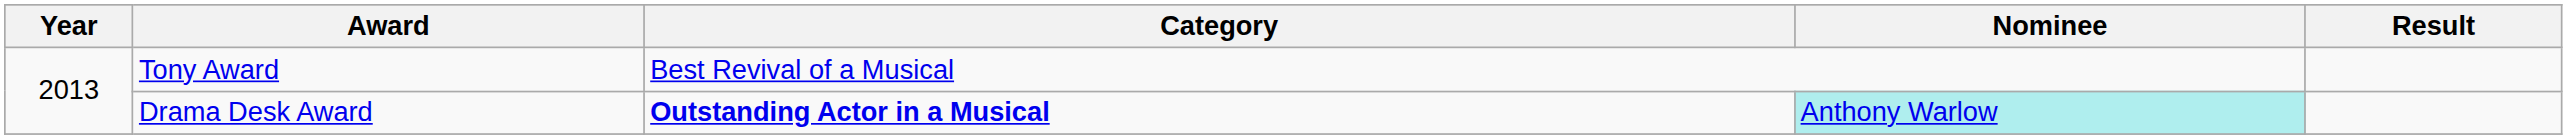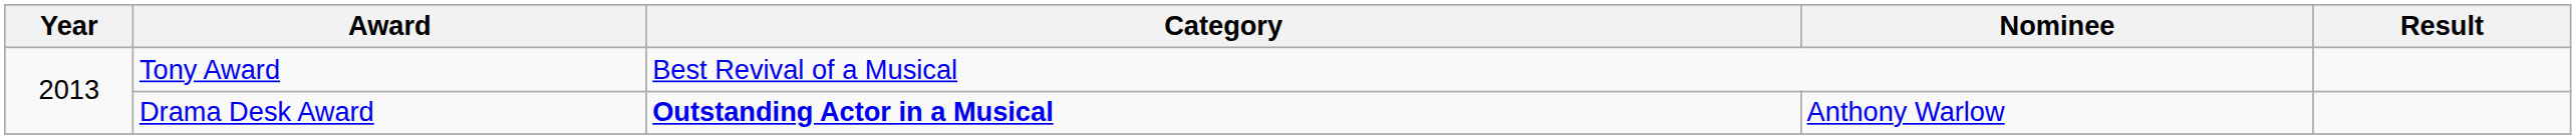 <table class="wikitable" style="width:95%;">
 <tr>
 <th style="width:5%;">Year</th>
 <th style="width:20%;">Award</th>
 <th style="width:45%;">Category</th>
 <th style="width:20%;">Nominee</th>
 <th style="width:10%;">Result</th>
 </tr>
 <tr>
 <td rowspan="2" style="text-align:center;">2013</td>
 <td><a href='#'>Tony Award</a></td>
 <td colspan=2><a href='#'>Best Revival of a Musical</a></td>
 <td></td>
 </tr>
 <tr>
 <td><a href='#'>Drama Desk Award</a></td>
 <td><strong><a href='#'>Outstanding Actor in a Musical</a></strong></td>
-<td style="background: paleturquoise;"><a href='#'>Anthony Warlow</a></td>
+<td><a href='#'>Anthony Warlow</a></td>
 <td></td>
 </tr>
 </table>
